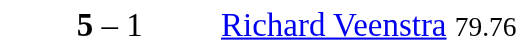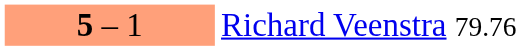 <table style="text-align:center">
 <tr>
 <th width=223></th>
 <th width=100></th>
 <th width=223></th>
 </tr>
 <tr>
 <td align=right></td>
 <td></td>
 <td align=left></td>
 </tr>
 <tr>
 <td align=right></td>
-<td><strong>5</strong> – 1</td>
+<td style="background: lightsalmon;"><strong>5</strong> – 1</td>
 <td align=left> <a href='#'>Richard Veenstra</a>  <small>79.76</small></td>
 </tr>
 </table>
